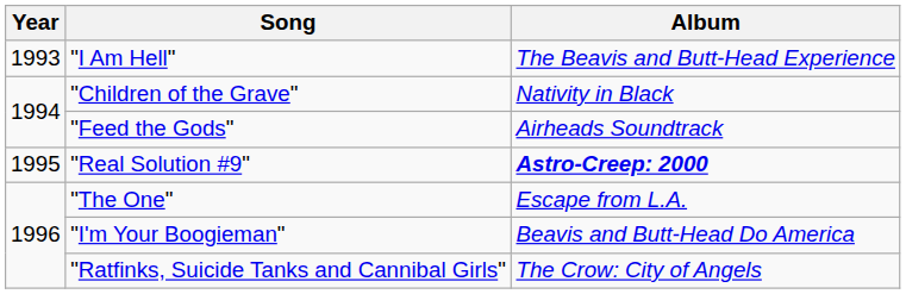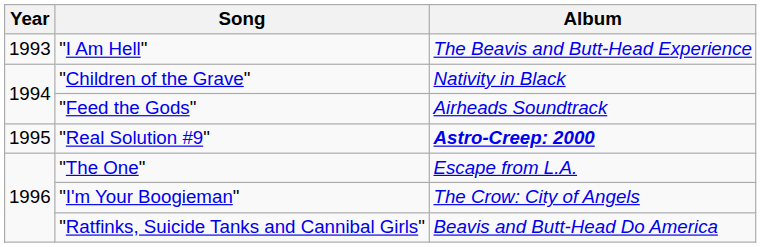 <table class="wikitable">
 <tr>
 <th rowspan="1">Year</th>
 <th rowspan="1">Song</th>
 <th rowspan="1">Album</th>
 </tr>
 <tr>
 <td>1993</td>
 <td>"<a href='#'>I Am Hell</a>"</td>
 <td><em><a href='#'>The Beavis and Butt-Head Experience</a></em></td>
 </tr>
 <tr>
 <td rowspan="2">1994</td>
 <td>"<a href='#'>Children of the Grave</a>"</td>
 <td><em><a href='#'>Nativity in Black</a></em></td>
 </tr>
 <tr>
 <td>"<a href='#'>Feed the Gods</a>"</td>
 <td><em><a href='#'>Airheads Soundtrack</a></em></td>
 </tr>
 <tr>
 <td>1995</td>
 <td>"<a href='#'>Real Solution #9</a>"</td>
 <td><strong><em><a href='#'>Astro-Creep: 2000</a></em></strong></td>
 </tr>
 <tr>
 <td rowspan="3">1996</td>
 <td>"<a href='#'>The One</a>"</td>
 <td><em><a href='#'>Escape from L.A.</a></em></td>
 </tr>
 <tr>
 <td>"<a href='#'>I'm Your Boogieman</a>"</td>
-<td><em><a href='#'>Beavis and Butt-Head Do America</a></em></td>
+<td><em><a href='#'>The Crow: City of Angels</a></em></td>
 </tr>
 <tr>
 <td>"<a href='#'>Ratfinks, Suicide Tanks and Cannibal Girls</a>"</td>
-<td><em><a href='#'>The Crow: City of Angels</a></em></td>
+<td><em><a href='#'>Beavis and Butt-Head Do America</a></em></td>
 </tr>
 </table>
